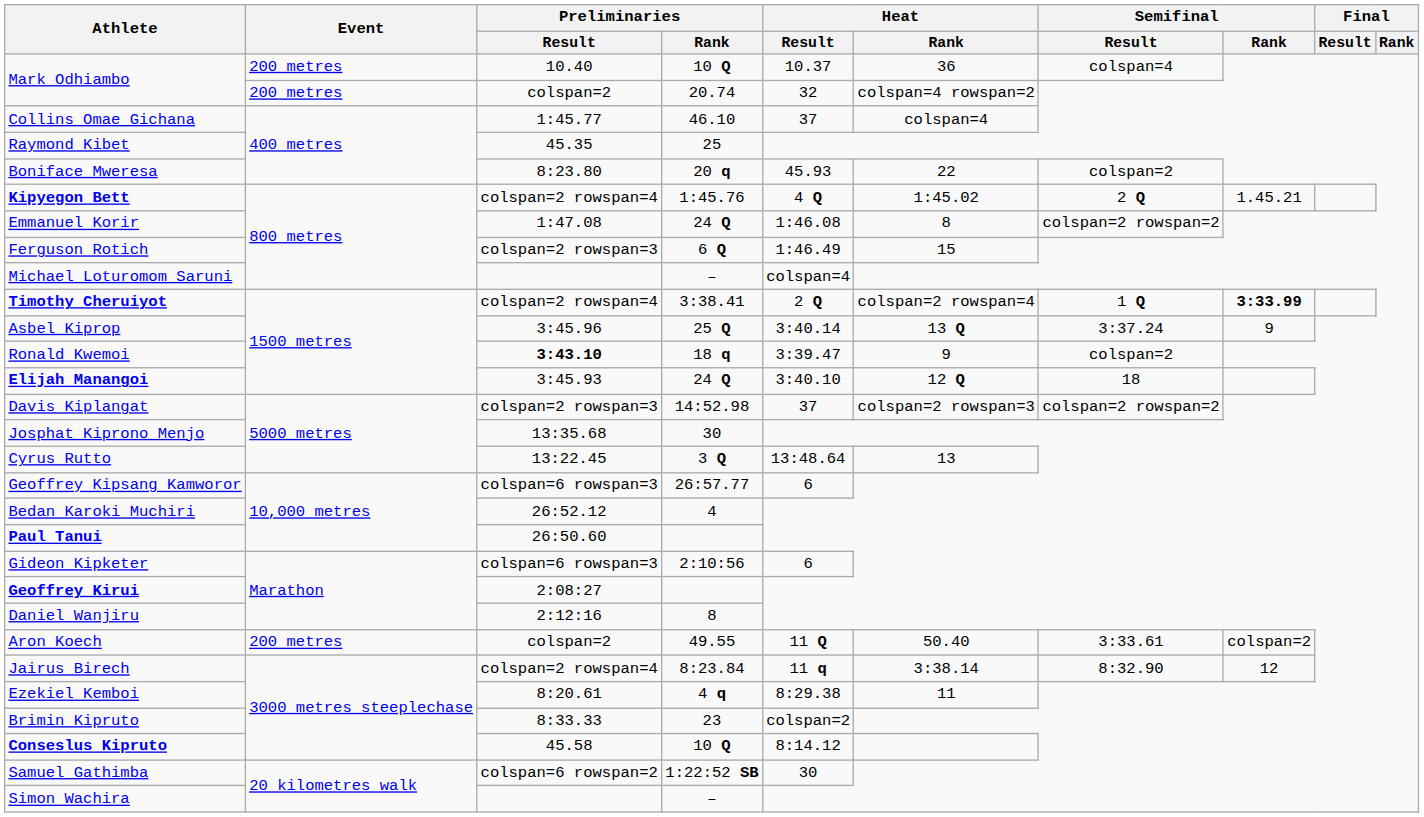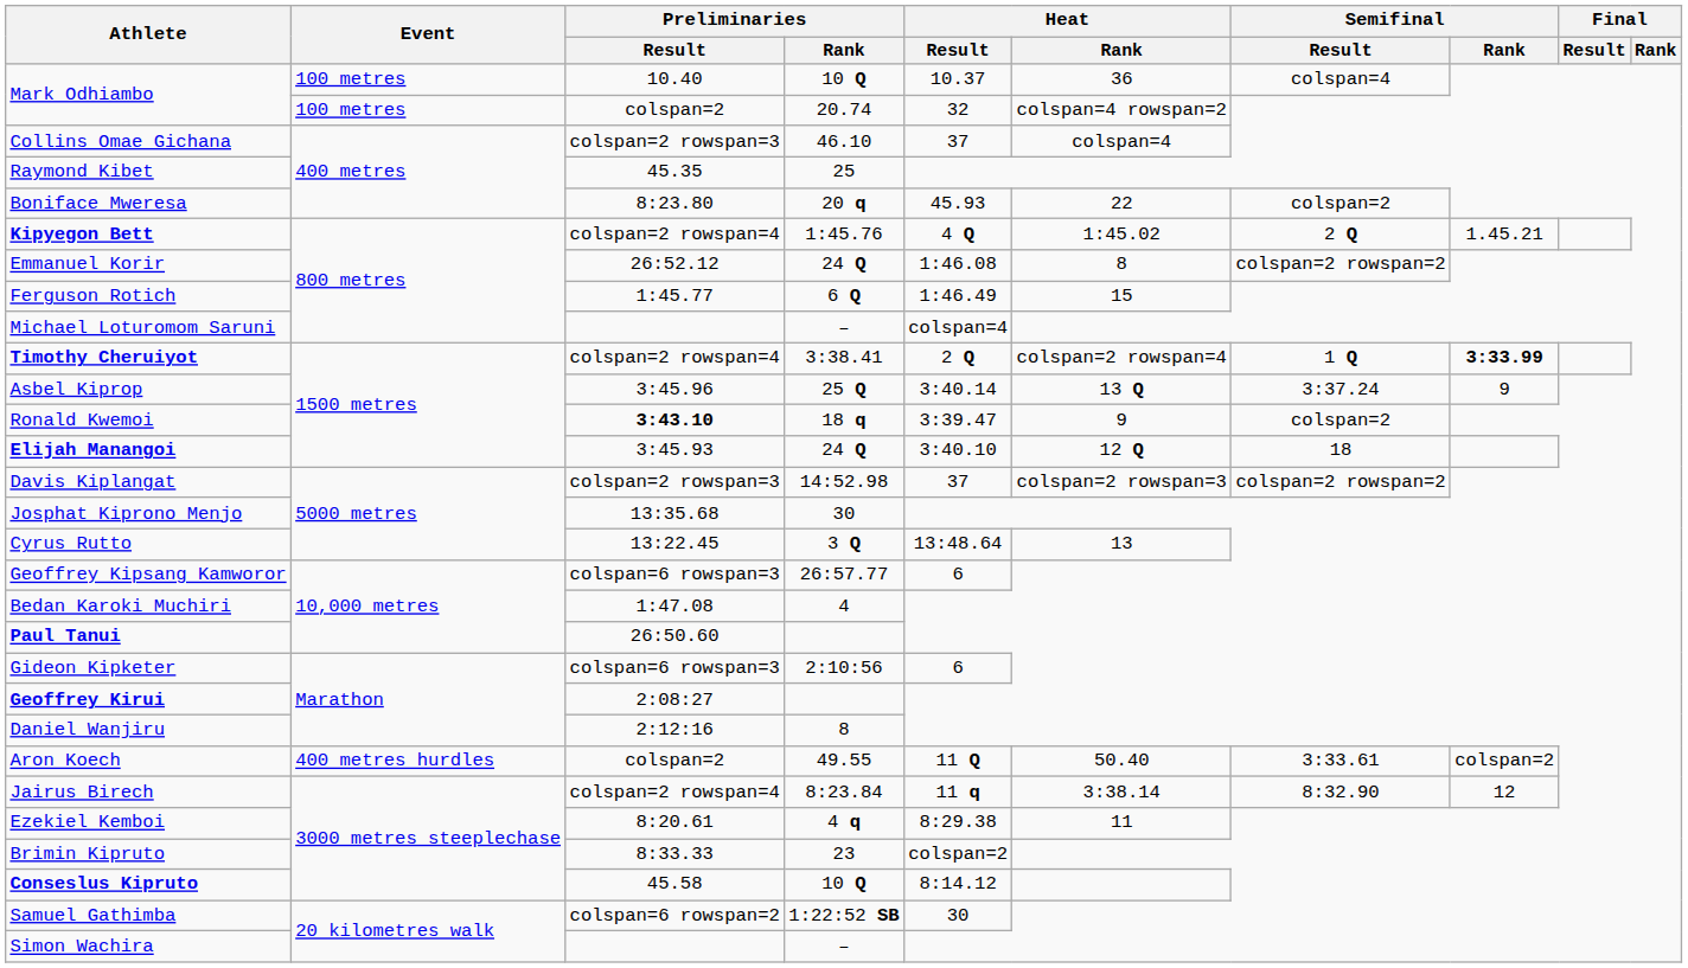 <table class="wikitable" style="font-size:90%">
 <tr>
 <th rowspan="2">Athlete</th>
 <th rowspan="2">Event</th>
 <th colspan="2">Preliminaries</th>
 <th colspan="2">Heat</th>
 <th colspan="2">Semifinal</th>
 <th colspan="2">Final</th>
 </tr>
 <tr style="font-size:95%">
 <th>Result</th>
 <th>Rank</th>
 <th>Result</th>
 <th>Rank</th>
 <th>Result</th>
 <th>Rank</th>
 <th>Result</th>
 <th>Rank</th>
 </tr>
 <tr style=text-align:center>
 <td style=text-align:left rowspan=2><a href='#'>Mark Odhiambo</a></td>
-<td style=text-align:left><a href='#'>200 metres</a></td>
+<td style=text-align:left><a href='#'>100 metres</a></td>
 <td>10.40</td>
 <td>10 <strong>Q</strong></td>
 <td>10.37</td>
 <td>36</td>
 <td>colspan=4 </td>
 </tr>
 <tr style=text-align:center>
-<td style=text-align:left><a href='#'>200 metres</a></td>
+<td style=text-align:left><a href='#'>100 metres</a></td>
 <td>colspan=2 </td>
 <td>20.74</td>
 <td>32</td>
 <td>colspan=4 rowspan=2 </td>
 </tr>
 <tr style=text-align:center>
 <td style=text-align:left><a href='#'>Collins Omae Gichana</a></td>
 <td style=text-align:left rowspan=3><a href='#'>400 metres</a></td>
-<td>1:45.77</td>
+<td>colspan=2 rowspan=3 </td>
 <td>46.10</td>
 <td>37</td>
 <td>colspan=4 </td>
 </tr>
 <tr style=text-align:center>
 <td style=text-align:left><a href='#'>Raymond Kibet</a></td>
 <td>45.35</td>
 <td>25</td>
 </tr>
 <tr style=text-align:center>
 <td style=text-align:left><a href='#'>Boniface Mweresa</a></td>
 <td>8:23.80</td>
 <td>20 <strong>q</strong></td>
 <td>45.93</td>
 <td>22</td>
 <td>colspan=2 </td>
 </tr>
 <tr style=text-align:center>
 <td style=text-align:left><strong><a href='#'>Kipyegon Bett</a></strong></td>
 <td style=text-align:left rowspan=4><a href='#'>800 metres</a></td>
 <td>colspan=2 rowspan=4 </td>
 <td>1:45.76</td>
 <td>4 <strong>Q</strong></td>
 <td>1:45.02</td>
 <td>2 <strong>Q</strong></td>
 <td>1.45.21</td>
 <td></td>
 </tr>
 <tr style=text-align:center>
 <td style=text-align:left><a href='#'>Emmanuel Korir</a></td>
-<td>1:47.08</td>
+<td>26:52.12 </td>
 <td>24 <strong>Q</strong></td>
 <td>1:46.08</td>
 <td>8</td>
 <td>colspan=2 rowspan=2 </td>
 </tr>
 <tr style=text-align:center>
 <td style=text-align:left><a href='#'>Ferguson Rotich</a></td>
-<td>colspan=2 rowspan=3 </td>
+<td>1:45.77</td>
 <td>6 <strong>Q</strong></td>
 <td>1:46.49</td>
 <td>15</td>
 </tr>
 <tr style=text-align:center>
 <td style=text-align:left><a href='#'>Michael Loturomom Saruni</a></td>
 <td></td>
 <td>–</td>
 <td>colspan=4 </td>
 </tr>
 <tr style=text-align:center>
 <td style=text-align:left><strong><a href='#'>Timothy Cheruiyot</a></strong></td>
 <td style=text-align:left rowspan=4><a href='#'>1500 metres</a></td>
 <td>colspan=2 rowspan=4 </td>
 <td>3:38.41</td>
 <td>2 <strong>Q</strong></td>
 <td>colspan=2 rowspan=4</td>
 <td>1 <strong>Q</strong></td>
 <td><strong>3:33.99</strong></td>
 <td></td>
 </tr>
 <tr style=text-align:center>
 <td style=text-align:left><a href='#'>Asbel Kiprop</a></td>
 <td>3:45.96</td>
 <td>25 <strong>Q</strong></td>
 <td>3:40.14</td>
 <td>13 <strong>Q</strong></td>
 <td>3:37.24</td>
 <td>9</td>
 </tr>
 <tr style=text-align:center>
 <td style=text-align:left><a href='#'>Ronald Kwemoi</a></td>
 <td><strong>3:43.10</strong></td>
 <td>18 <strong>q</strong></td>
 <td>3:39.47</td>
 <td>9</td>
 <td>colspan=2 </td>
 </tr>
 <tr style=text-align:center>
 <td style=text-align:left><strong><a href='#'>Elijah Manangoi</a></strong></td>
 <td>3:45.93</td>
 <td>24 <strong>Q</strong></td>
 <td>3:40.10</td>
 <td>12 <strong>Q</strong></td>
 <td>18</td>
 <td></td>
 </tr>
 <tr style=text-align:center>
 <td style=text-align:left><a href='#'>Davis Kiplangat</a></td>
 <td style=text-align:left rowspan=3><a href='#'>5000 metres</a></td>
 <td>colspan=2 rowspan=3 </td>
 <td>14:52.98</td>
 <td>37</td>
 <td>colspan=2 rowspan=3 </td>
 <td>colspan=2 rowspan=2 </td>
 </tr>
 <tr style=text-align:center>
 <td style=text-align:left><a href='#'>Josphat Kiprono Menjo</a></td>
 <td>13:35.68</td>
 <td>30</td>
 </tr>
 <tr style=text-align:center>
 <td style=text-align:left><a href='#'>Cyrus Rutto</a></td>
 <td>13:22.45</td>
 <td>3 <strong>Q</strong></td>
 <td>13:48.64</td>
 <td>13</td>
 </tr>
 <tr style=text-align:center>
 <td style=text-align:left><a href='#'>Geoffrey Kipsang Kamworor</a></td>
 <td style=text-align:left rowspan=3><a href='#'>10,000 metres</a></td>
 <td>colspan=6 rowspan=3 </td>
 <td>26:57.77 </td>
 <td>6</td>
 </tr>
 <tr style=text-align:center>
 <td style=text-align:left><a href='#'>Bedan Karoki Muchiri</a></td>
-<td>26:52.12 </td>
+<td>1:47.08</td>
 <td>4</td>
 </tr>
 <tr style=text-align:center>
 <td style=text-align:left><strong><a href='#'>Paul Tanui</a></strong></td>
 <td>26:50.60 </td>
 <td></td>
 </tr>
 <tr style=text-align:center>
 <td style=text-align:left><a href='#'>Gideon Kipketer</a></td>
 <td style=text-align:left rowspan=3><a href='#'>Marathon</a></td>
 <td>colspan=6 rowspan=3 </td>
 <td>2:10:56</td>
 <td>6</td>
 </tr>
 <tr style=text-align:center>
 <td style=text-align:left><strong><a href='#'>Geoffrey Kirui</a></strong></td>
 <td>2:08:27</td>
 <td></td>
 </tr>
 <tr style=text-align:center>
 <td style=text-align:left><a href='#'>Daniel Wanjiru</a></td>
 <td>2:12:16</td>
 <td>8</td>
 </tr>
 <tr style=text-align:center>
 <td style=text-align:left><a href='#'>Aron Koech</a></td>
-<td style=text-align:left><a href='#'>200 metres</a></td>
+<td style=text-align:left><a href='#'>400 metres hurdles</a></td>
 <td>colspan=2 </td>
 <td>49.55</td>
 <td>11 <strong>Q</strong></td>
 <td>50.40</td>
 <td>3:33.61</td>
 <td>colspan=2 </td>
 </tr>
 <tr style=text-align:center>
 <td style=text-align:left><a href='#'>Jairus Birech</a></td>
 <td style=text-align:left rowspan=4><a href='#'>3000 metres steeplechase</a></td>
 <td>colspan=2 rowspan=4 </td>
 <td>8:23.84</td>
 <td>11 <strong>q</strong></td>
 <td>3:38.14</td>
 <td>8:32.90</td>
 <td>12</td>
 </tr>
 <tr style=text-align:center>
 <td style=text-align:left><a href='#'>Ezekiel Kemboi</a></td>
 <td>8:20.61</td>
 <td>4 <strong>q</strong></td>
 <td>8:29.38</td>
 <td>11</td>
 </tr>
 <tr style=text-align:center>
 <td style=text-align:left><a href='#'>Brimin Kipruto</a></td>
 <td>8:33.33</td>
 <td>23</td>
 <td>colspan=2 </td>
 </tr>
 <tr style=text-align:center>
 <td style=text-align:left><strong><a href='#'>Conseslus Kipruto</a></strong></td>
 <td>45.58</td>
 <td>10 <strong>Q</strong></td>
 <td>8:14.12</td>
 <td></td>
 </tr>
 <tr style=text-align:center>
 <td style=text-align:left><a href='#'>Samuel Gathimba</a></td>
 <td style=text-align:left rowspan=2><a href='#'>20 kilometres walk</a></td>
 <td>colspan=6 rowspan=2 </td>
 <td>1:22:52 <strong>SB</strong></td>
 <td>30</td>
 </tr>
 <tr style=text-align:center>
 <td style=text-align:left><a href='#'>Simon Wachira</a></td>
 <td></td>
 <td>–</td>
 </tr>
 </table>
